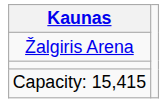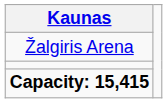 <table class="wikitable" style="text-align:center; margin:1em auto;">
 <tr>
 <th><a href='#'>Kaunas</a></th>
 <td rowspan=4></td>
 </tr>
 <tr>
 <td><a href='#'>Žalgiris Arena</a></td>
 </tr>
 <tr>
 <td></td>
 </tr>
 <tr>
-<td>Capacity: 15,415</td>
+<td><strong>Capacity: 15,415</strong></td>
 </tr>
 </table>
